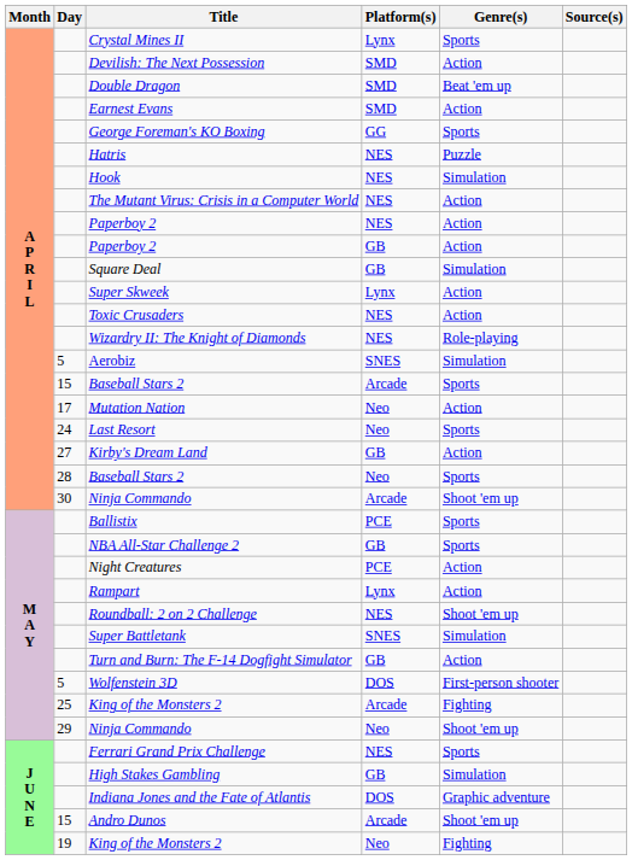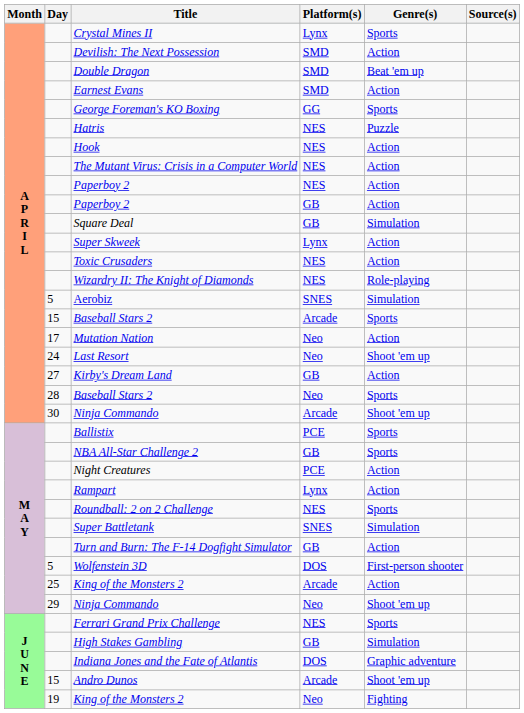 <table class="wikitable">
 <tr style="background:#dae3e7;">
 <th>Month</th>
 <th>Day</th>
 <th>Title</th>
 <th>Platform(s)</th>
 <th>Genre(s)</th>
 <th>Source(s)</th>
 </tr>
 <tr>
 <td rowspan="21" style="text-align:center; background:#ffa07a; textcolor:#000;"><strong>A<br>P<br>R<br>I<br>L</strong></td>
 <td></td>
 <td><em><a href='#'>Crystal Mines II</a></em></td>
 <td><a href='#'>Lynx</a></td>
 <td><a href='#'>Sports</a></td>
 <td align="center"></td>
 </tr>
 <tr>
 <td></td>
 <td><em><a href='#'>Devilish: The Next Possession</a></em></td>
 <td><a href='#'>SMD</a></td>
 <td><a href='#'>Action</a></td>
 <td align="center"></td>
 </tr>
 <tr>
 <td></td>
 <td><em><a href='#'>Double Dragon</a></em></td>
 <td><a href='#'>SMD</a></td>
 <td><a href='#'>Beat 'em up</a></td>
 <td align="center"></td>
 </tr>
 <tr>
 <td></td>
 <td><em><a href='#'>Earnest Evans</a></em></td>
 <td><a href='#'>SMD</a></td>
 <td><a href='#'>Action</a></td>
 <td align="center"></td>
 </tr>
 <tr>
 <td></td>
 <td><em><a href='#'>George Foreman's KO Boxing</a></em></td>
 <td><a href='#'>GG</a></td>
 <td><a href='#'>Sports</a></td>
 <td align="center"></td>
 </tr>
 <tr>
 <td></td>
 <td><em><a href='#'>Hatris</a></em></td>
 <td><a href='#'>NES</a></td>
 <td><a href='#'>Puzzle</a></td>
 <td align="center"></td>
 </tr>
 <tr>
 <td></td>
 <td><em><a href='#'>Hook</a></em></td>
 <td><a href='#'>NES</a></td>
-<td><a href='#'>Simulation</a></td>
+<td><a href='#'>Action</a></td>
 <td align="center"></td>
 </tr>
 <tr>
 <td></td>
 <td><em><a href='#'>The Mutant Virus: Crisis in a Computer World</a></em></td>
 <td><a href='#'>NES</a></td>
 <td><a href='#'>Action</a></td>
 <td align="center"></td>
 </tr>
 <tr>
 <td></td>
 <td><em><a href='#'>Paperboy 2</a></em></td>
 <td><a href='#'>NES</a></td>
 <td><a href='#'>Action</a></td>
 <td align="center"></td>
 </tr>
 <tr>
 <td></td>
 <td><em><a href='#'>Paperboy 2</a></em></td>
 <td><a href='#'>GB</a></td>
 <td><a href='#'>Action</a></td>
 <td align="center"></td>
 </tr>
 <tr>
 <td></td>
 <td><em>Square Deal</em></td>
 <td><a href='#'>GB</a></td>
 <td><a href='#'>Simulation</a></td>
 <td align="center"></td>
 </tr>
 <tr>
 <td></td>
 <td><em><a href='#'>Super Skweek</a></em></td>
 <td><a href='#'>Lynx</a></td>
 <td><a href='#'>Action</a></td>
 <td align="center"></td>
 </tr>
 <tr>
 <td></td>
 <td><em><a href='#'>Toxic Crusaders</a></em></td>
 <td><a href='#'>NES</a></td>
 <td><a href='#'>Action</a></td>
 <td align="center"></td>
 </tr>
 <tr>
 <td></td>
 <td><em><a href='#'>Wizardry II: The Knight of Diamonds</a></em></td>
 <td><a href='#'>NES</a></td>
 <td><a href='#'>Role-playing</a></td>
 <td align="center"></td>
 </tr>
 <tr>
 <td>5</td>
 <td><a href='#'>Aerobiz</a></td>
 <td><a href='#'>SNES</a></td>
 <td><a href='#'>Simulation</a></td>
 <td></td>
 </tr>
 <tr>
 <td>15</td>
 <td><em><a href='#'>Baseball Stars 2</a></em></td>
 <td><a href='#'>Arcade</a></td>
 <td><a href='#'>Sports</a></td>
 <td align="center"></td>
 </tr>
 <tr>
 <td>17</td>
 <td><em><a href='#'>Mutation Nation</a></em></td>
 <td><a href='#'>Neo</a></td>
 <td><a href='#'>Action</a></td>
 <td align="center"></td>
 </tr>
 <tr>
 <td>24</td>
 <td><em><a href='#'>Last Resort</a></em></td>
 <td><a href='#'>Neo</a></td>
-<td><a href='#'>Sports</a></td>
+<td><a href='#'>Shoot 'em up</a></td>
 <td align="center"></td>
 </tr>
 <tr>
 <td>27</td>
 <td><em><a href='#'>Kirby's Dream Land</a></em></td>
 <td><a href='#'>GB</a></td>
 <td><a href='#'>Action</a></td>
 <td align="center"></td>
 </tr>
 <tr>
 <td>28</td>
 <td><em><a href='#'>Baseball Stars 2</a></em></td>
 <td><a href='#'>Neo</a></td>
 <td><a href='#'>Sports</a></td>
 <td align="center"></td>
 </tr>
 <tr>
 <td>30</td>
 <td><em><a href='#'>Ninja Commando</a></em></td>
 <td><a href='#'>Arcade</a></td>
 <td><a href='#'>Shoot 'em up</a></td>
 <td align="center"></td>
 </tr>
 <tr>
 <td rowspan="10" style="text-align:center; background:thistle; textcolor:#000;"><strong>M<br>A<br>Y</strong></td>
 <td></td>
 <td><em><a href='#'>Ballistix</a></em></td>
 <td><a href='#'>PCE</a></td>
 <td><a href='#'>Sports</a></td>
 <td align="center"></td>
 </tr>
 <tr>
 <td></td>
 <td><em><a href='#'>NBA All-Star Challenge 2</a></em></td>
 <td><a href='#'>GB</a></td>
 <td><a href='#'>Sports</a></td>
 <td align="center"></td>
 </tr>
 <tr>
 <td></td>
 <td><em>Night Creatures</em></td>
 <td><a href='#'>PCE</a></td>
 <td><a href='#'>Action</a></td>
 <td align="center"></td>
 </tr>
 <tr>
 <td></td>
 <td><em><a href='#'>Rampart</a></em></td>
 <td><a href='#'>Lynx</a></td>
 <td><a href='#'>Action</a></td>
 <td align="center"></td>
 </tr>
 <tr>
 <td></td>
 <td><em><a href='#'>Roundball: 2 on 2 Challenge</a></em></td>
 <td><a href='#'>NES</a></td>
-<td><a href='#'>Shoot 'em up</a></td>
+<td><a href='#'>Sports</a></td>
 <td align="center"></td>
 </tr>
 <tr>
 <td></td>
 <td><em><a href='#'>Super Battletank</a></em></td>
 <td><a href='#'>SNES</a></td>
 <td><a href='#'>Simulation</a></td>
 <td align="center"></td>
 </tr>
 <tr>
 <td></td>
 <td><em><a href='#'>Turn and Burn: The F-14 Dogfight Simulator</a></em></td>
 <td><a href='#'>GB</a></td>
 <td><a href='#'>Action</a></td>
 <td align="center"></td>
 </tr>
 <tr>
 <td>5</td>
 <td><em><a href='#'>Wolfenstein 3D</a></em></td>
 <td><a href='#'>DOS</a></td>
 <td><a href='#'>First-person shooter</a></td>
 <td align="center"></td>
 </tr>
 <tr>
 <td>25</td>
 <td><em><a href='#'>King of the Monsters 2</a></em></td>
 <td><a href='#'>Arcade</a></td>
-<td><a href='#'>Fighting</a></td>
+<td><a href='#'>Action</a></td>
 <td align="center"></td>
 </tr>
 <tr>
 <td>29</td>
 <td><em><a href='#'>Ninja Commando</a></em></td>
 <td><a href='#'>Neo</a></td>
 <td><a href='#'>Shoot 'em up</a></td>
 <td align="center"></td>
 </tr>
 <tr>
 <td rowspan="5" style="text-align:center; background:#98fb98; textcolor:#000;"><strong>J<br>U<br>N<br>E</strong></td>
 <td></td>
 <td><em><a href='#'>Ferrari Grand Prix Challenge</a></em></td>
 <td><a href='#'>NES</a></td>
 <td><a href='#'>Sports</a></td>
 <td align="center"></td>
 </tr>
 <tr>
 <td></td>
 <td><em><a href='#'>High Stakes Gambling</a></em></td>
 <td><a href='#'>GB</a></td>
 <td><a href='#'>Simulation</a></td>
 <td align="center"></td>
 </tr>
 <tr>
 <td></td>
 <td><em><a href='#'>Indiana Jones and the Fate of Atlantis</a></em></td>
 <td><a href='#'>DOS</a></td>
 <td><a href='#'>Graphic adventure</a></td>
 <td align="center"></td>
 </tr>
 <tr>
 <td>15</td>
 <td><em><a href='#'>Andro Dunos</a></em></td>
 <td><a href='#'>Arcade</a></td>
 <td><a href='#'>Shoot 'em up</a></td>
 <td align="center"></td>
 </tr>
 <tr>
 <td>19</td>
 <td><em><a href='#'>King of the Monsters 2</a></em></td>
 <td><a href='#'>Neo</a></td>
 <td><a href='#'>Fighting</a></td>
 <td align="center"></td>
 </tr>
 </table>
